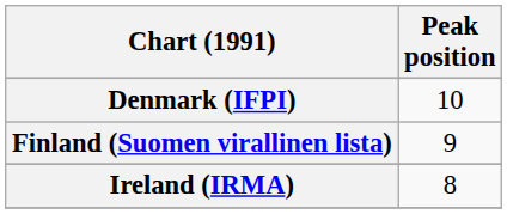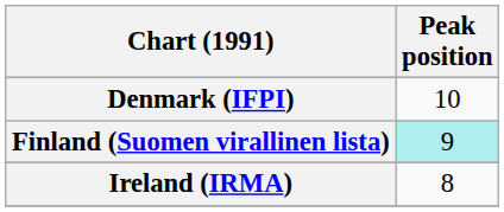 <table class="wikitable sortable plainrowheaders" style="text-align:center">
 <tr>
 <th scope="col">Chart (1991)</th>
 <th scope="col">Peak<br>position</th>
 </tr>
 <tr>
 </tr>
 <tr>
 </tr>
 <tr>
 </tr>
 <tr>
 <th scope="row">Denmark (<a href='#'>IFPI</a>)</th>
 <td>10</td>
 </tr>
 <tr>
 <th scope="row">Finland (<a href='#'>Suomen virallinen lista</a>)</th>
-<td>9</td>
+<td style="background: paleturquoise;">9</td>
 </tr>
 <tr>
 </tr>
 <tr>
 </tr>
 <tr>
 <th scope="row">Ireland (<a href='#'>IRMA</a>)</th>
 <td>8</td>
 </tr>
 <tr>
 </tr>
 <tr>
 </tr>
 <tr>
 </tr>
 <tr>
 </tr>
 <tr>
 </tr>
 <tr>
 </tr>
 <tr>
 </tr>
 </table>
